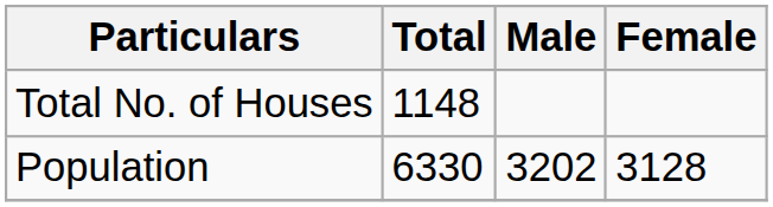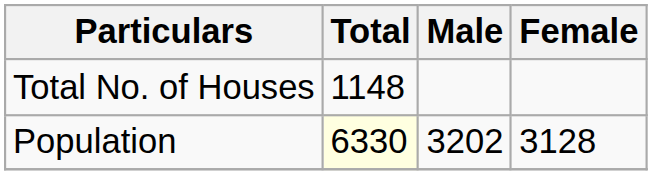 <table class="wikitable sortable">
 <tr>
 <th>Particulars</th>
 <th>Total</th>
 <th>Male</th>
 <th>Female</th>
 </tr>
 <tr>
 <td>Total No. of Houses</td>
 <td>1148</td>
 <td></td>
 <td></td>
 </tr>
 <tr>
 <td>Population</td>
-<td>6330</td>
+<td style="background: lightyellow;">6330</td>
 <td>3202</td>
 <td>3128</td>
 </tr>
 <tr>
 </tr>
 </table>
